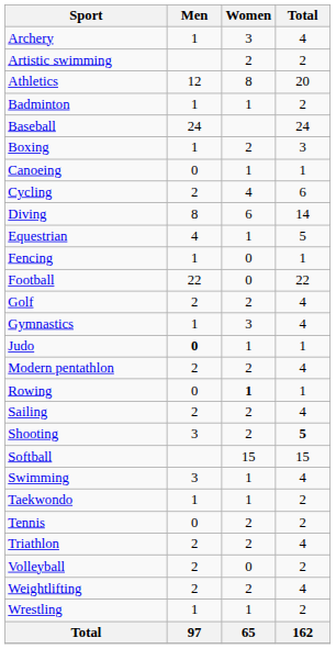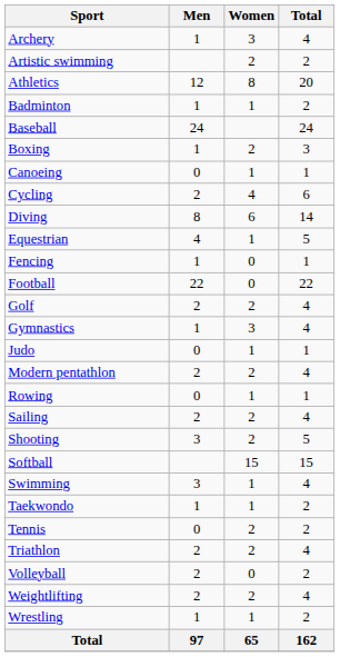 <table class="wikitable sortable" style="text-align:center;">
 <tr>
 <th width=180>Sport</th>
 <th width=55>Men</th>
 <th width=55>Women</th>
 <th width=55>Total</th>
 </tr>
 <tr>
 <td align=left><a href='#'>Archery</a></td>
 <td>1</td>
 <td>3</td>
 <td>4</td>
 </tr>
 <tr>
 <td align=left><a href='#'>Artistic swimming</a></td>
 <td></td>
 <td>2</td>
 <td>2</td>
 </tr>
 <tr>
 <td align=left><a href='#'>Athletics</a></td>
 <td>12</td>
 <td>8</td>
 <td>20</td>
 </tr>
 <tr>
 <td align=left><a href='#'>Badminton</a></td>
 <td>1</td>
 <td>1</td>
 <td>2</td>
 </tr>
 <tr>
 <td align=left><a href='#'>Baseball</a></td>
 <td>24</td>
 <td></td>
 <td>24</td>
 </tr>
 <tr>
 <td align=left><a href='#'>Boxing</a></td>
 <td>1</td>
 <td>2</td>
 <td>3</td>
 </tr>
 <tr>
 <td align=left><a href='#'>Canoeing</a></td>
 <td>0</td>
 <td>1</td>
 <td>1</td>
 </tr>
 <tr>
 <td align=left><a href='#'>Cycling</a></td>
 <td>2</td>
 <td>4</td>
 <td>6</td>
 </tr>
 <tr>
 <td align=left><a href='#'>Diving</a></td>
 <td>8</td>
 <td>6</td>
 <td>14</td>
 </tr>
 <tr>
 <td align=left><a href='#'>Equestrian</a></td>
 <td>4</td>
 <td>1</td>
 <td>5</td>
 </tr>
 <tr>
 <td align=left><a href='#'>Fencing</a></td>
 <td>1</td>
 <td>0</td>
 <td>1</td>
 </tr>
 <tr>
 <td align=left><a href='#'>Football</a></td>
 <td>22</td>
 <td>0</td>
 <td>22</td>
 </tr>
 <tr>
 <td align=left><a href='#'>Golf</a></td>
 <td>2</td>
 <td>2</td>
 <td>4</td>
 </tr>
 <tr>
 <td align=left><a href='#'>Gymnastics</a></td>
 <td>1</td>
 <td>3</td>
 <td>4</td>
 </tr>
 <tr>
 <td align=left><a href='#'>Judo</a></td>
-<td><strong>0</strong></td>
+<td>0</td>
 <td>1</td>
 <td>1</td>
 </tr>
 <tr>
 <td align=left><a href='#'>Modern pentathlon</a></td>
 <td>2</td>
 <td>2</td>
 <td>4</td>
 </tr>
 <tr>
 <td align=left><a href='#'>Rowing</a></td>
 <td>0</td>
-<td><strong>1</strong></td>
+<td>1</td>
 <td>1</td>
 </tr>
 <tr>
 <td align=left><a href='#'>Sailing</a></td>
 <td>2</td>
 <td>2</td>
 <td>4</td>
 </tr>
 <tr>
 <td align=left><a href='#'>Shooting</a></td>
 <td>3</td>
 <td>2</td>
-<td><strong>5</strong></td>
+<td>5</td>
 </tr>
 <tr>
 <td align=left><a href='#'>Softball</a></td>
 <td></td>
 <td>15</td>
 <td>15</td>
 </tr>
 <tr>
 <td align=left><a href='#'>Swimming</a></td>
 <td>3</td>
 <td>1</td>
 <td>4</td>
 </tr>
 <tr>
 <td align=left><a href='#'>Taekwondo</a></td>
 <td>1</td>
 <td>1</td>
 <td>2</td>
 </tr>
 <tr>
 <td align=left><a href='#'>Tennis</a></td>
 <td>0</td>
 <td>2</td>
 <td>2</td>
 </tr>
 <tr>
 <td align=left><a href='#'>Triathlon</a></td>
 <td>2</td>
 <td>2</td>
 <td>4</td>
 </tr>
 <tr>
 <td align=left><a href='#'>Volleyball</a></td>
 <td>2</td>
 <td>0</td>
 <td>2</td>
 </tr>
 <tr>
 <td align=left><a href='#'>Weightlifting</a></td>
 <td>2</td>
 <td>2</td>
 <td>4</td>
 </tr>
 <tr>
 <td align=left><a href='#'>Wrestling</a></td>
 <td>1</td>
 <td>1</td>
 <td>2</td>
 </tr>
 <tr class="sortbottom">
 <th>Total</th>
 <th>97</th>
 <th>65</th>
 <th>162</th>
 </tr>
 <tr>
 </tr>
 </table>
